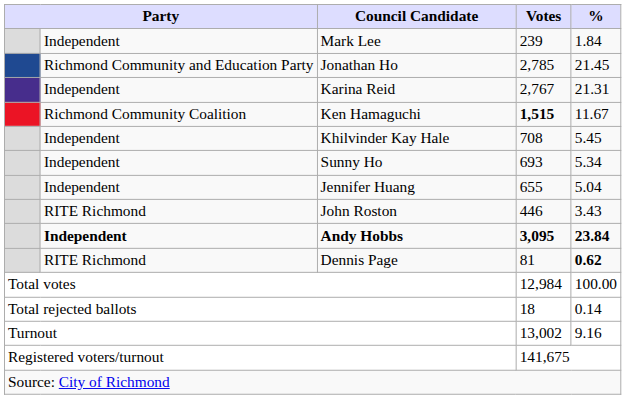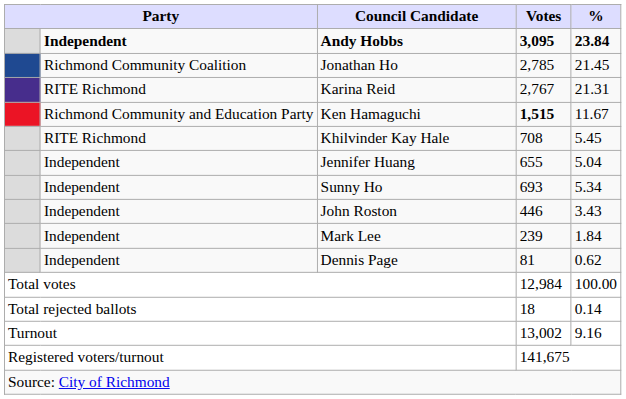 <table class="wikitable">
 <tr>
 <th style="background:#ddf;" width="250px" colspan="2">Party</th>
 <th style="background:#ddf;" width="200px">Council Candidate</th>
 <th style="background:#ddf;" width="50px">Votes</th>
 <th style="background:#ddf;" width="30px">%</th>
 </tr>
 <tr>
 <td style="background:gainsboro" width="30px"> </td>
-<td>Independent</td>
-<td>Mark Lee</td>
-<td>239</td>
-<td>1.84</td>
+<td><strong>Independent</strong></td>
+<td><strong>Andy Hobbs</strong></td>
+<td><strong>3,095</strong></td>
+<td><strong>23.84</strong></td>
 </tr>
 <tr>
 <td style="background:#1F4991;" width="30px"> </td>
-<td>Richmond Community and Education Party</td>
+<td>Richmond Community Coalition</td>
 <td>Jonathan Ho</td>
 <td>2,785</td>
 <td>21.45</td>
 </tr>
 <tr>
 <td style="background:#472D8C" width="30px"> </td>
-<td>Independent</td>
+<td>RITE Richmond</td>
 <td>Karina Reid</td>
 <td>2,767</td>
 <td>21.31</td>
 </tr>
 <tr>
 <td style="background:#EB1425" width="30px"> </td>
-<td>Richmond Community Coalition</td>
+<td>Richmond Community and Education Party</td>
 <td>Ken Hamaguchi</td>
 <td><strong>1,515</strong></td>
 <td>11.67</td>
 </tr>
 <tr>
 <td style="background:gainsboro" width="30px"> </td>
-<td>Independent</td>
+<td>RITE Richmond</td>
 <td>Khilvinder Kay Hale</td>
 <td>708</td>
 <td>5.45</td>
+</tr>
+<tr>
+<td style="background:gainsboro" width="30px"> </td>
+<td>Independent</td>
+<td>Jennifer Huang</td>
+<td>655</td>
+<td>5.04</td>
 </tr>
 <tr>
 <td style="background:gainsboro" width="30px"> </td>
 <td>Independent</td>
 <td>Sunny Ho</td>
 <td>693</td>
 <td>5.34</td>
 </tr>
 <tr>
 <td style="background:gainsboro" width="30px"> </td>
 <td>Independent</td>
-<td>Jennifer Huang</td>
-<td>655</td>
-<td>5.04</td>
-</tr>
-<tr>
-<td style="background:gainsboro" width="30px"> </td>
-<td>RITE Richmond</td>
 <td>John Roston</td>
 <td>446</td>
 <td>3.43</td>
 </tr>
 <tr>
 <td style="background:gainsboro" width="30px"> </td>
-<td><strong>Independent</strong></td>
-<td><strong>Andy Hobbs</strong></td>
-<td><strong>3,095</strong></td>
-<td><strong>23.84</strong></td>
+<td>Independent</td>
+<td>Mark Lee</td>
+<td>239</td>
+<td>1.84</td>
 </tr>
 <tr>
 <td style="background:gainsboro" width="30px"> </td>
-<td>RITE Richmond</td>
+<td>Independent</td>
 <td>Dennis Page</td>
 <td>81</td>
-<td><strong>0.62</strong></td>
+<td>0.62</td>
 </tr>
 <tr style="background:#ffff">
 <td colspan="3">Total votes</td>
 <td>12,984</td>
 <td>100.00</td>
 </tr>
 <tr style="background:#ffff">
 <td colspan="3">Total rejected ballots</td>
 <td>18</td>
 <td>0.14</td>
 </tr>
 <tr style="background:#ffff">
 <td colspan="3">Turnout</td>
 <td>13,002</td>
 <td>9.16</td>
 </tr>
 <tr style="background:#ffff">
 <td colspan="3">Registered voters/turnout</td>
 <td colspan="2">141,675</td>
 </tr>
 <tr style="background:solid darkgray">
 <td colspan="5">Source: <a href='#'>City of Richmond</a></td>
 </tr>
 </table>
